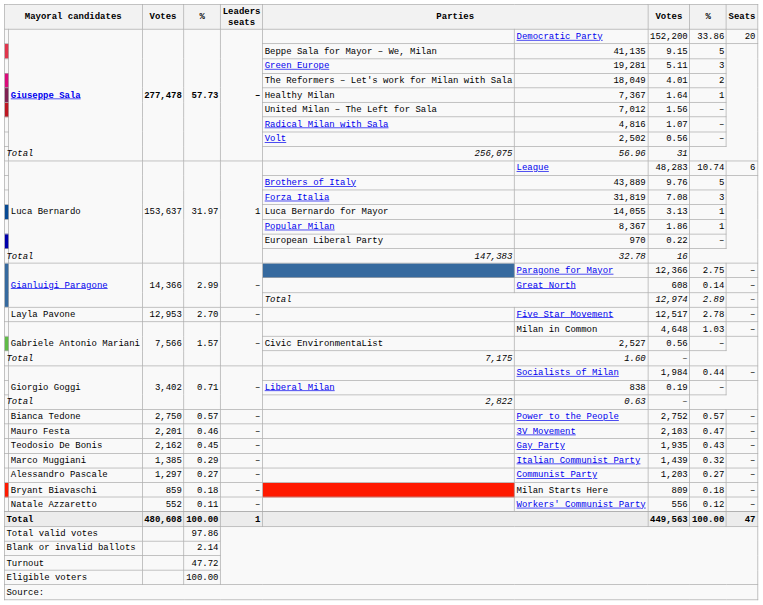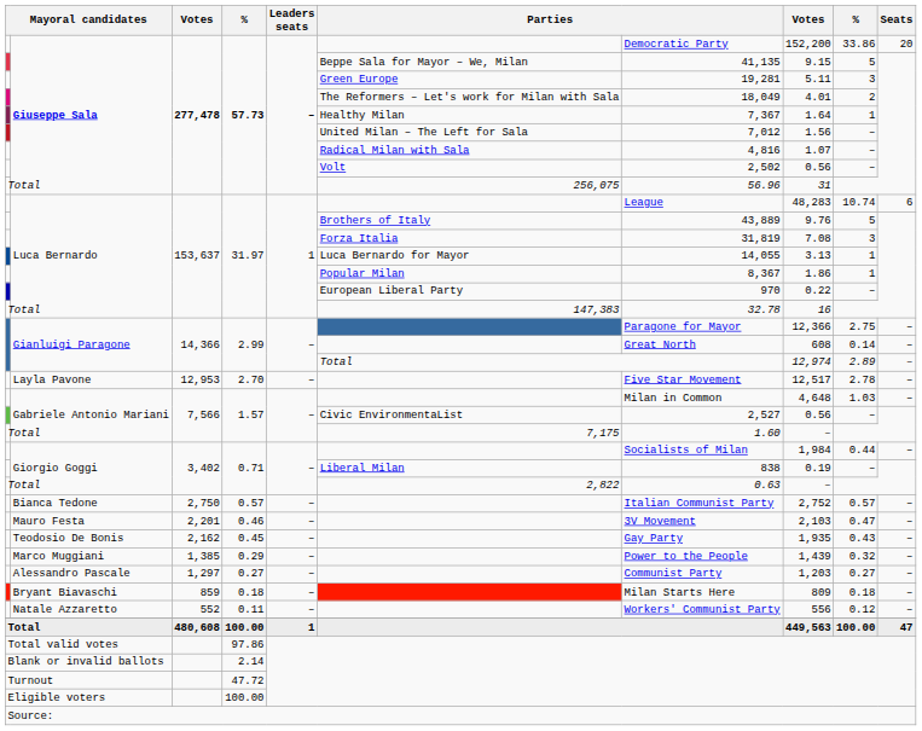 <table class="wikitable" style="text-align:right;">
 <tr>
 <th colspan="2">Mayoral candidates</th>
 <th>Votes</th>
 <th>%</th>
 <th>Leaders<br> seats</th>
 <th colspan="2">Parties</th>
 <th>Votes</th>
 <th>%</th>
 <th>Seats</th>
 </tr>
 <tr>
 <td></td>
 <td rowspan=9 align=left><strong><a href='#'>Giuseppe Sala</a></strong></td>
 <td rowspan=9><strong>277,478</strong></td>
 <td rowspan=9><strong>57.73</strong></td>
 <td rowspan=9><strong>–</strong></td>
 <td></td>
 <td align=left><a href='#'>Democratic Party</a></td>
 <td>152,200</td>
 <td>33.86</td>
 <td>20</td>
 </tr>
 <tr>
 <td bgcolor="#E1354C"></td>
 <td align=left>Beppe Sala for Mayor – We, Milan</td>
 <td>41,135</td>
 <td>9.15</td>
 <td>5</td>
 </tr>
 <tr>
 <td></td>
 <td align=left><a href='#'>Green Europe</a></td>
 <td>19,281</td>
 <td>5.11</td>
 <td>3</td>
 </tr>
 <tr>
 <td bgcolor="#DB0B7B"></td>
 <td align=left>The Reformers – Let's work for Milan with Sala</td>
 <td>18,049</td>
 <td>4.01</td>
 <td>2</td>
 </tr>
 <tr>
 <td bgcolor="#802152"></td>
 <td align=left>Healthy Milan</td>
 <td>7,367</td>
 <td>1.64</td>
 <td>1</td>
 </tr>
 <tr>
 <td bgcolor="#BE1622"></td>
 <td align=left>United Milan – The Left for Sala</td>
 <td>7,012</td>
 <td>1.56</td>
 <td>–</td>
 </tr>
 <tr>
 <td></td>
 <td align=left><a href='#'>Radical Milan with Sala</a></td>
 <td>4,816</td>
 <td>1.07</td>
 <td>–</td>
 </tr>
 <tr>
 <td></td>
 <td align=left><a href='#'>Volt</a></td>
 <td>2,502</td>
 <td>0.56</td>
 <td>–</td>
 </tr>
 <tr>
 <td colspan=2 style="text-align:left;"><em>Total</em></td>
 <td><em>256,075</em></td>
 <td><em>56.96</em></td>
 <td><em>31</em></td>
 </tr>
 <tr>
 <td></td>
 <td rowspan=7 align=left>Luca Bernardo</td>
 <td rowspan=7>153,637</td>
 <td rowspan=7>31.97</td>
 <td rowspan=7>1</td>
 <td></td>
 <td align=left><a href='#'>League</a></td>
 <td>48,283</td>
 <td>10.74</td>
 <td>6</td>
 </tr>
 <tr>
 <td></td>
 <td align=left><a href='#'>Brothers of Italy</a></td>
 <td>43,889</td>
 <td>9.76</td>
 <td>5</td>
 </tr>
 <tr>
 <td></td>
 <td align=left><a href='#'>Forza Italia</a></td>
 <td>31,819</td>
 <td>7.08</td>
 <td>3</td>
 </tr>
 <tr>
 <td bgcolor="#074A94"></td>
 <td align=left>Luca Bernardo for Mayor</td>
 <td>14,055</td>
 <td>3.13</td>
 <td>1</td>
 </tr>
 <tr>
 <td></td>
 <td align=left><a href='#'>Popular Milan</a></td>
 <td>8,367</td>
 <td>1.86</td>
 <td>1</td>
 </tr>
 <tr>
 <td bgcolor="#0000AC"></td>
 <td align=left>European Liberal Party</td>
 <td>970</td>
 <td>0.22</td>
 <td>–</td>
 </tr>
 <tr>
 <td colspan=2 style="text-align:left;"><em>Total</em></td>
 <td><em>147,383</em></td>
 <td><em>32.78</em></td>
 <td><em>16</em></td>
 </tr>
 <tr>
 <td bgcolor="#366A9F" rowspan=3></td>
 <td rowspan=3 align=left><a href='#'>Gianluigi Paragone</a></td>
 <td rowspan=3>14,366</td>
 <td rowspan=3>2.99</td>
 <td rowspan=3>–</td>
 <td bgcolor="#366A9F"></td>
 <td align=left><a href='#'>Paragone for Mayor</a></td>
 <td>12,366</td>
 <td>2.75</td>
 <td>–</td>
 </tr>
 <tr>
 <td></td>
 <td align=left><a href='#'>Great North</a></td>
 <td>608</td>
 <td>0.14</td>
 <td>–</td>
 </tr>
 <tr>
 <td colspan=2 style="text-align:left;"><em>Total</em></td>
 <td><em>12,974</em></td>
 <td><em>2.89</em></td>
 <td><em>–</em></td>
 </tr>
 <tr>
 <td></td>
 <td align=left>Layla Pavone</td>
 <td>12,953</td>
 <td>2.70</td>
 <td>–</td>
 <td></td>
 <td align=left><a href='#'>Five Star Movement</a></td>
 <td>12,517</td>
 <td>2.78</td>
 <td>–</td>
 </tr>
 <tr>
 <td></td>
 <td rowspan=3 align=left>Gabriele Antonio Mariani</td>
 <td rowspan=3>7,566</td>
 <td rowspan=3>1.57</td>
 <td rowspan=3>–</td>
 <td></td>
 <td align=left>Milan in Common</td>
 <td>4,648</td>
 <td>1.03</td>
 <td>–</td>
 </tr>
 <tr>
 <td bgcolor="#5FBB46"></td>
 <td align=left>Civic EnvironmentaList</td>
 <td>2,527</td>
 <td>0.56</td>
 <td>–</td>
 </tr>
 <tr>
 <td colspan=2 style="text-align:left;"><em>Total</em></td>
 <td><em>7,175</em></td>
 <td><em>1.60</em></td>
 <td><em>–</em></td>
 </tr>
 <tr>
 <td></td>
 <td rowspan=3 align=left>Giorgio Goggi</td>
 <td rowspan=3>3,402</td>
 <td rowspan=3>0.71</td>
 <td rowspan=3>–</td>
 <td></td>
 <td align=left><a href='#'>Socialists of Milan</a></td>
 <td>1,984</td>
 <td>0.44</td>
 <td>–</td>
 </tr>
 <tr>
 <td></td>
 <td align=left><a href='#'>Liberal Milan</a></td>
 <td>838</td>
 <td>0.19</td>
 <td>–</td>
 </tr>
 <tr>
 <td colspan=2 style="text-align:left;"><em>Total</em></td>
 <td><em>2,822</em></td>
 <td><em>0.63</em></td>
 <td><em>–</em></td>
 </tr>
 <tr>
 <td></td>
 <td align=left>Bianca Tedone</td>
 <td>2,750</td>
 <td>0.57</td>
 <td>–</td>
 <td></td>
-<td align=left><a href='#'>Power to the People</a></td>
+<td align=left><a href='#'>Italian Communist Party</a></td>
 <td>2,752</td>
 <td>0.57</td>
 <td>–</td>
 </tr>
 <tr>
 <td></td>
 <td align=left>Mauro Festa</td>
 <td>2,201</td>
 <td>0.46</td>
 <td>–</td>
 <td></td>
 <td align=left><a href='#'>3V Movement</a></td>
 <td>2,103</td>
 <td>0.47</td>
 <td>–</td>
 </tr>
 <tr>
 <td></td>
 <td align=left>Teodosio De Bonis</td>
 <td>2,162</td>
 <td>0.45</td>
 <td>–</td>
 <td></td>
 <td align=left><a href='#'>Gay Party</a></td>
 <td>1,935</td>
 <td>0.43</td>
 <td>–</td>
 </tr>
 <tr>
 <td></td>
 <td align=left>Marco Muggiani</td>
 <td>1,385</td>
 <td>0.29</td>
 <td>–</td>
 <td></td>
-<td align=left><a href='#'>Italian Communist Party</a></td>
+<td align=left><a href='#'>Power to the People</a></td>
 <td>1,439</td>
 <td>0.32</td>
 <td>–</td>
 </tr>
 <tr>
 <td></td>
 <td align=left>Alessandro Pascale</td>
 <td>1,297</td>
 <td>0.27</td>
 <td>–</td>
 <td></td>
 <td align=left><a href='#'>Communist Party</a></td>
 <td>1,203</td>
 <td>0.27</td>
 <td>–</td>
 </tr>
 <tr>
 <td bgcolor="#FF1900"></td>
 <td align=left>Bryant Biavaschi</td>
 <td>859</td>
 <td>0.18</td>
 <td>–</td>
 <td bgcolor="#FF1900"></td>
 <td align=left>Milan Starts Here</td>
 <td>809</td>
 <td>0.18</td>
 <td>–</td>
 </tr>
 <tr>
 <td></td>
 <td align=left>Natale Azzaretto</td>
 <td>552</td>
 <td>0.11</td>
 <td>–</td>
 <td></td>
 <td align=left><a href='#'>Workers' Communist Party</a></td>
 <td>556</td>
 <td>0.12</td>
 <td>–</td>
 </tr>
 <tr>
 </tr>
 <tr bgcolor=ececec>
 <td colspan="2" align=left><strong>Total</strong></td>
 <td><strong>480,608</strong></td>
 <td><strong>100.00</strong></td>
 <td><strong>1</strong></td>
 <td colspan=2></td>
 <td><strong>449,563</strong></td>
 <td><strong>100.00</strong></td>
 <td><strong>47</strong></td>
 </tr>
 <tr>
 <td colspan=2 align=left>Total valid votes</td>
 <td></td>
 <td>97.86</td>
 </tr>
 <tr>
 <td colspan=2 align=left>Blank or invalid ballots</td>
 <td></td>
 <td>2.14</td>
 </tr>
 <tr>
 <td colspan=2 align=left>Turnout</td>
 <td></td>
 <td>47.72</td>
 </tr>
 <tr>
 <td colspan=2 align=left>Eligible voters</td>
 <td></td>
 <td>100.00</td>
 </tr>
 <tr>
 <td colspan="10" align=left>Source:  </td>
 </tr>
 </table>
